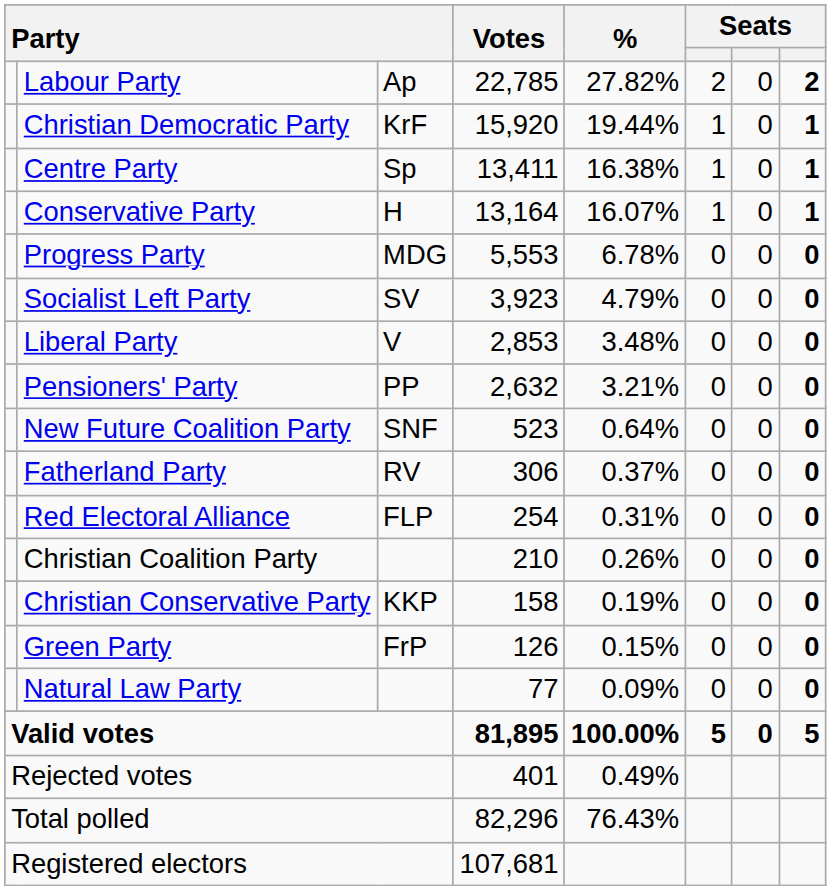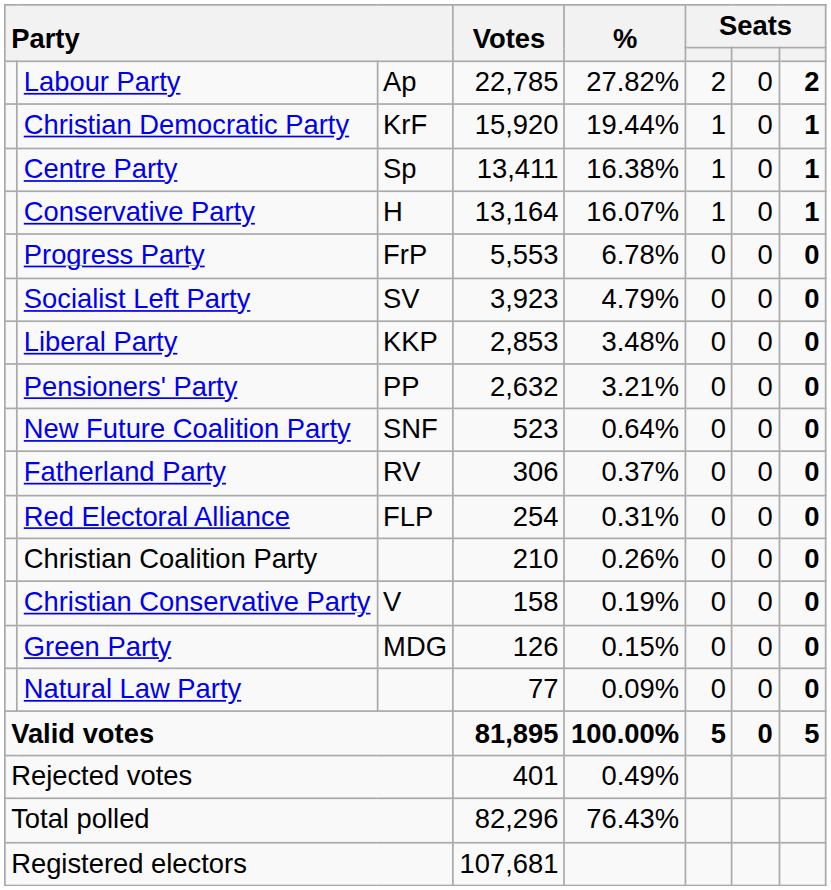 <table class="wikitable" border="1" style="text-align:right;">
 <tr>
 <th style="text-align:left;" valign=bottom rowspan=2 colspan=3>Party</th>
 <th align=center valign=bottom rowspan=2 width="50">Votes</th>
 <th align=center valign=bottom rowspan=2 width="50">%</th>
 <th colspan=3>Seats</th>
 </tr>
 <tr>
 <th align=center valign=bottom width="20"><small></small></th>
 <th align=center valign=bottom width="20"><small><a href='#'></a></small></th>
 <th align=center valign=bottom width="20"><small></small></th>
 </tr>
 <tr>
 <td style="color:inherit;background:"></td>
 <td align=left><a href='#'>Labour Party</a></td>
 <td align=left>Ap</td>
 <td>22,785</td>
 <td>27.82%</td>
 <td>2</td>
 <td>0</td>
 <td><strong>2</strong></td>
 </tr>
 <tr>
 <td style="color:inherit;background:"></td>
 <td align=left><a href='#'>Christian Democratic Party</a></td>
 <td align=left>KrF</td>
 <td>15,920</td>
 <td>19.44%</td>
 <td>1</td>
 <td>0</td>
 <td><strong>1</strong></td>
 </tr>
 <tr>
 <td style="color:inherit;background:"></td>
 <td align=left><a href='#'>Centre Party</a></td>
 <td align=left>Sp</td>
 <td>13,411</td>
 <td>16.38%</td>
 <td>1</td>
 <td>0</td>
 <td><strong>1</strong></td>
 </tr>
 <tr>
 <td style="color:inherit;background:"></td>
 <td align=left><a href='#'>Conservative Party</a></td>
 <td align=left>H</td>
 <td>13,164</td>
 <td>16.07%</td>
 <td>1</td>
 <td>0</td>
 <td><strong>1</strong></td>
 </tr>
 <tr>
 <td style="color:inherit;background:"></td>
 <td align=left><a href='#'>Progress Party</a></td>
-<td align=left>MDG</td>
+<td align=left>FrP</td>
 <td>5,553</td>
 <td>6.78%</td>
 <td>0</td>
 <td>0</td>
 <td><strong>0</strong></td>
 </tr>
 <tr>
 <td style="color:inherit;background:"></td>
 <td align=left><a href='#'>Socialist Left Party</a></td>
 <td align=left>SV</td>
 <td>3,923</td>
 <td>4.79%</td>
 <td>0</td>
 <td>0</td>
 <td><strong>0</strong></td>
 </tr>
 <tr>
 <td style="color:inherit;background:"></td>
 <td align=left><a href='#'>Liberal Party</a></td>
-<td align=left>V</td>
+<td align=left>KKP</td>
 <td>2,853</td>
 <td>3.48%</td>
 <td>0</td>
 <td>0</td>
 <td><strong>0</strong></td>
 </tr>
 <tr>
 <td style="color:inherit;background:"></td>
 <td align=left><a href='#'>Pensioners' Party</a></td>
 <td align=left>PP</td>
 <td>2,632</td>
 <td>3.21%</td>
 <td>0</td>
 <td>0</td>
 <td><strong>0</strong></td>
 </tr>
 <tr>
 <td style="color:inherit;background:"></td>
 <td align=left><a href='#'>New Future Coalition Party</a></td>
 <td align=left>SNF</td>
 <td>523</td>
 <td>0.64%</td>
 <td>0</td>
 <td>0</td>
 <td><strong>0</strong></td>
 </tr>
 <tr>
 <td style="color:inherit;background:"></td>
 <td align=left><a href='#'>Fatherland Party</a></td>
 <td align=left>RV</td>
 <td>306</td>
 <td>0.37%</td>
 <td>0</td>
 <td>0</td>
 <td><strong>0</strong></td>
 </tr>
 <tr>
 <td style="color:inherit;background:"></td>
 <td align=left><a href='#'>Red Electoral Alliance</a></td>
 <td align=left>FLP</td>
 <td>254</td>
 <td>0.31%</td>
 <td>0</td>
 <td>0</td>
 <td><strong>0</strong></td>
 </tr>
 <tr>
 <td style="color:inherit;background:"></td>
 <td align=left>Christian Coalition Party</td>
 <td align=left></td>
 <td>210</td>
 <td>0.26%</td>
 <td>0</td>
 <td>0</td>
 <td><strong>0</strong></td>
 </tr>
 <tr>
 <td style="color:inherit;background:"></td>
 <td align=left><a href='#'>Christian Conservative Party</a></td>
-<td align=left>KKP</td>
+<td align=left>V</td>
 <td>158</td>
 <td>0.19%</td>
 <td>0</td>
 <td>0</td>
 <td><strong>0</strong></td>
 </tr>
 <tr>
 <td style="color:inherit;background:"></td>
 <td align=left><a href='#'>Green Party</a></td>
-<td align=left>FrP</td>
+<td align=left>MDG</td>
 <td>126</td>
 <td>0.15%</td>
 <td>0</td>
 <td>0</td>
 <td><strong>0</strong></td>
 </tr>
 <tr>
 <td></td>
 <td align=left><a href='#'>Natural Law Party</a></td>
 <td align=left></td>
 <td>77</td>
 <td>0.09%</td>
 <td>0</td>
 <td>0</td>
 <td><strong>0</strong></td>
 </tr>
 <tr style="font-weight:bold">
 <td align=left colspan=3>Valid votes</td>
 <td>81,895</td>
 <td>100.00%</td>
 <td>5</td>
 <td>0</td>
 <td>5</td>
 </tr>
 <tr>
 <td align=left colspan=3>Rejected votes</td>
 <td>401</td>
 <td>0.49%</td>
 <td></td>
 <td></td>
 <td></td>
 </tr>
 <tr>
 <td align=left colspan=3>Total polled</td>
 <td>82,296</td>
 <td>76.43%</td>
 <td></td>
 <td></td>
 <td></td>
 </tr>
 <tr>
 <td align=left colspan=3>Registered electors</td>
 <td>107,681</td>
 <td></td>
 <td></td>
 <td></td>
 <td></td>
 </tr>
 </table>
